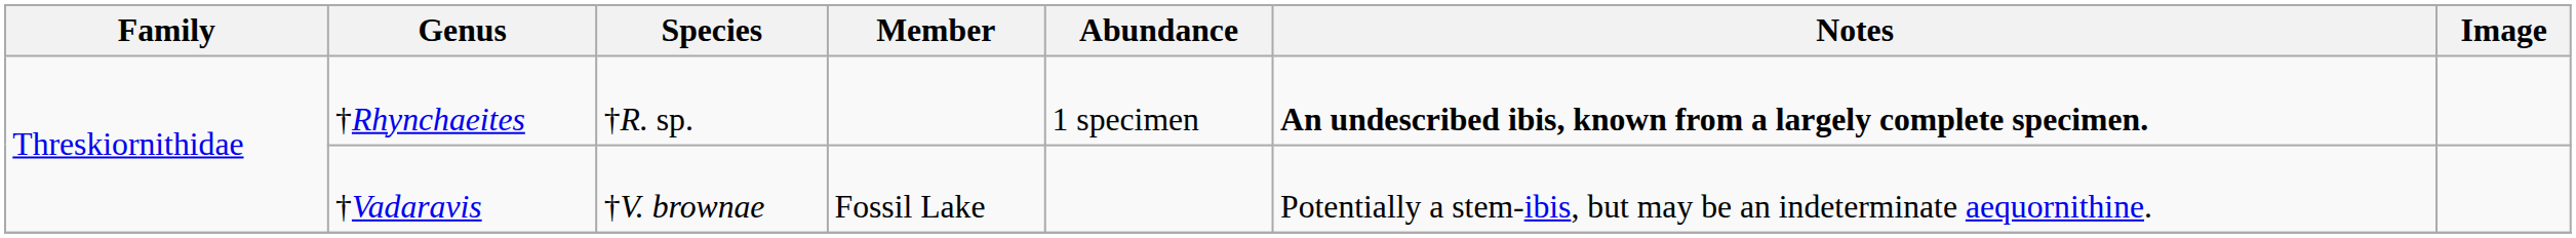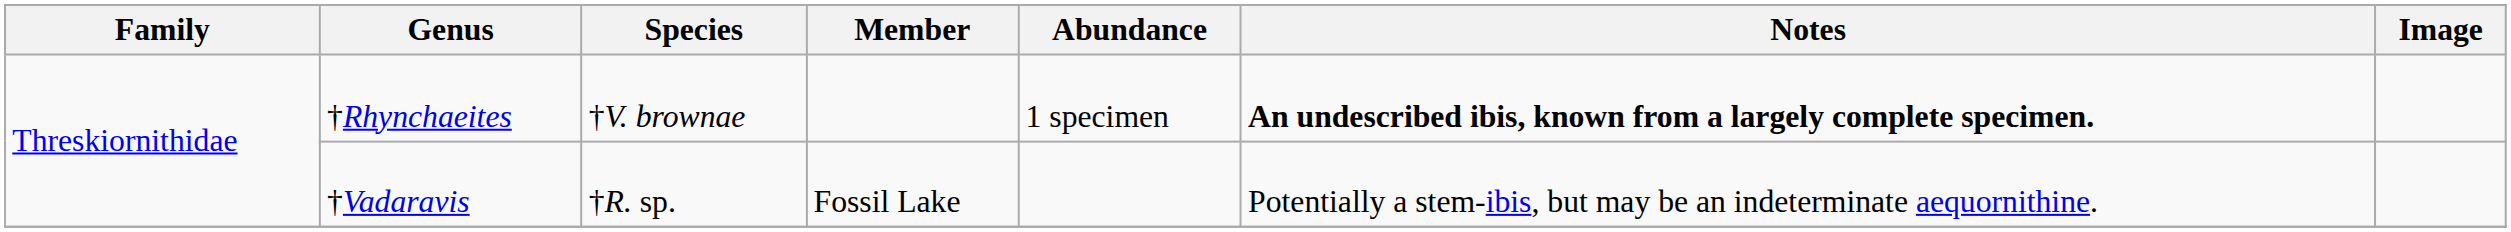 <table class="wikitable" style="margin:auto;width:100%;">
 <tr>
 <th>Family</th>
 <th>Genus</th>
 <th>Species</th>
 <th>Member</th>
 <th>Abundance</th>
 <th>Notes</th>
 <th>Image</th>
 </tr>
 <tr>
 <td rowspan=2><a href='#'>Threskiornithidae</a></td>
 <td><br>†<em><a href='#'>Rhynchaeites</a></em></td>
-<td><br>†<em>R.</em> sp.</td>
+<td><br>†<em>V. brownae</em></td>
 <td></td>
 <td><br>1 specimen</td>
 <td><strong><br>An undescribed ibis, known from a largely complete specimen.</strong></td>
 <td></td>
 </tr>
 <tr>
 <td><br>†<em><a href='#'>Vadaravis</a></em></td>
-<td><br>†<em>V. brownae</em></td>
+<td><br>†<em>R.</em> sp.</td>
 <td><br>Fossil Lake</td>
 <td></td>
 <td><br>Potentially a stem-<a href='#'>ibis</a>, but may be an indeterminate <a href='#'>aequornithine</a>.</td>
 <td></td>
 </tr>
 <tr>
 </tr>
 </table>
